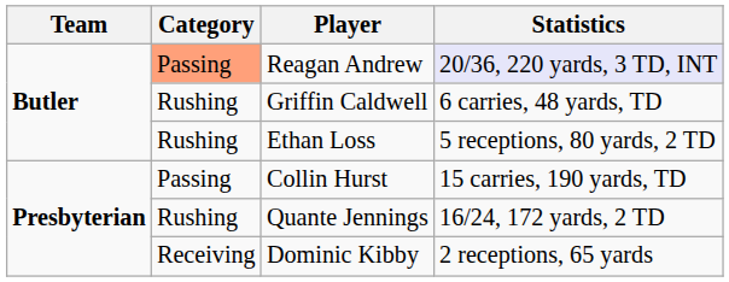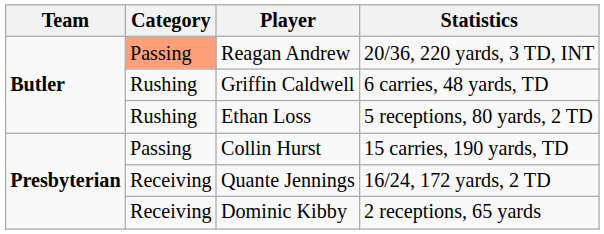 <table class="wikitable" style="float: right;">
 <tr>
 <th>Team</th>
 <th>Category</th>
 <th>Player</th>
 <th>Statistics</th>
 </tr>
 <tr>
 <td rowspan=3><strong>Butler</strong></td>
 <td style="background: lightsalmon;">Passing</td>
 <td>Reagan Andrew</td>
-<td style="background: lavender;">20/36, 220 yards, 3 TD, INT</td>
+<td>20/36, 220 yards, 3 TD, INT</td>
 </tr>
 <tr>
 <td>Rushing</td>
 <td>Griffin Caldwell</td>
 <td>6 carries, 48 yards, TD</td>
 </tr>
 <tr>
 <td>Rushing</td>
 <td>Ethan Loss</td>
 <td>5 receptions, 80 yards, 2 TD</td>
 </tr>
 <tr>
 <td rowspan=3><strong>Presbyterian</strong></td>
 <td>Passing</td>
 <td>Collin Hurst</td>
 <td>15 carries, 190 yards, TD</td>
 </tr>
 <tr>
-<td>Rushing</td>
+<td>Receiving</td>
 <td>Quante Jennings</td>
 <td>16/24, 172 yards, 2 TD</td>
 </tr>
 <tr>
 <td>Receiving</td>
 <td>Dominic Kibby</td>
 <td>2 receptions, 65 yards</td>
 </tr>
 </table>
